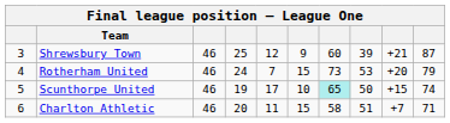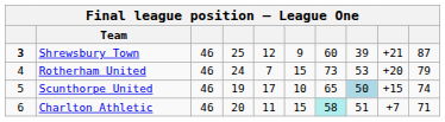 <table class="wikitable" style="text-align:center">
 <tr>
 <th colspan=10><big>Final league position – League One</big></th>
 </tr>
 <tr>
 <th width="30"></th>
 <th width="175">Team</th>
 <th width="30"></th>
 <th width="30"></th>
 <th width="30"></th>
 <th width="30"></th>
 <th width="30"></th>
 <th width="30"></th>
 <th width="30"></th>
 <th width="30"></th>
 </tr>
 <tr>
-<td>3</td>
+<td><strong>3</strong></td>
 <td align=left><a href='#'>Shrewsbury Town</a></td>
 <td>46</td>
 <td>25</td>
 <td>12</td>
 <td>9</td>
 <td>60</td>
 <td>39</td>
 <td>+21</td>
 <td>87</td>
 </tr>
 <tr>
 <td>4</td>
 <td align=left><a href='#'>Rotherham United</a></td>
 <td>46</td>
 <td>24</td>
 <td>7</td>
 <td>15</td>
 <td>73</td>
 <td>53</td>
 <td>+20</td>
 <td>79</td>
 </tr>
 <tr>
 <td>5</td>
 <td align=left><a href='#'>Scunthorpe United</a></td>
 <td>46</td>
 <td>19</td>
 <td>17</td>
 <td>10</td>
-<td style="background: paleturquoise;">65</td>
-<td>50</td>
+<td>65</td>
+<td style="background: lightblue;">50</td>
 <td>+15</td>
 <td>74</td>
 </tr>
 <tr>
 <td>6</td>
 <td align=left><a href='#'>Charlton Athletic</a></td>
 <td>46</td>
 <td>20</td>
 <td>11</td>
 <td>15</td>
-<td>58</td>
+<td style="background: paleturquoise;">58</td>
 <td>51</td>
 <td>+7</td>
 <td>71</td>
 </tr>
 </table>
